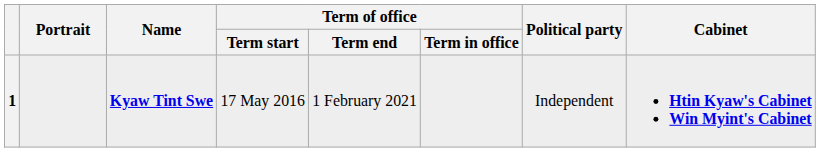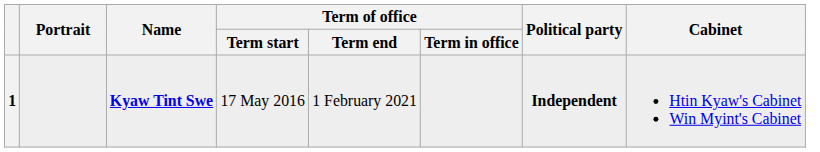 <table class="wikitable" style="text-align:center; border:1px #AAAAFF solid;">
 <tr>
 <th rowspan=2></th>
 <th width=80 rowspan=2>Portrait</th>
 <th rowspan=2>Name<br></th>
 <th colspan=3>Term of office</th>
 <th rowspan=2>Political party</th>
 <th rowspan="2">Cabinet</th>
 </tr>
 <tr>
 <th>Term start</th>
 <th>Term end</th>
 <th>Term in office</th>
 </tr>
 <tr style="background:#EEEEEE">
 <th rowspan="2" style="background:"><strong>1</strong></th>
 <td></td>
 <td rowspan="2" align=center><strong><a href='#'>Kyaw Tint Swe</a></strong></td>
 <td rowspan="2" align=center>17 May 2016</td>
 <td align=center>1 February 2021</td>
 <td align=center></td>
-<td>Independent</td>
-<td align=center><strong><br><ul><li><a href='#'>Htin Kyaw's Cabinet</a></li><li><a href='#'>Win Myint's Cabinet</a></li></ul></strong></td>
+<td><strong>Independent</strong></td>
+<td align=center><br><ul><li><a href='#'>Htin Kyaw's Cabinet</a></li><li><a href='#'>Win Myint's Cabinet</a></li></ul></td>
 </tr>
 </table>
